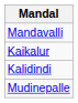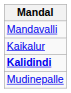 <table class="wikitable sortable static-row-numbers static-row-header-hash">
 <tr>
 <th>Mandal</th>
 </tr>
 <tr>
 <td><a href='#'>Mandavalli</a></td>
 </tr>
 <tr>
 <td><a href='#'>Kaikalur</a></td>
 </tr>
 <tr>
-<td><a href='#'>Kalidindi</a></td>
+<td><strong><a href='#'>Kalidindi</a></strong></td>
 </tr>
 <tr>
 <td><a href='#'>Mudinepalle</a></td>
 </tr>
 </table>
